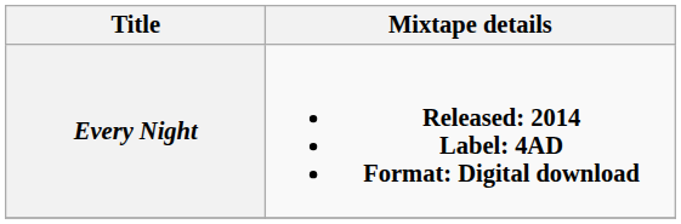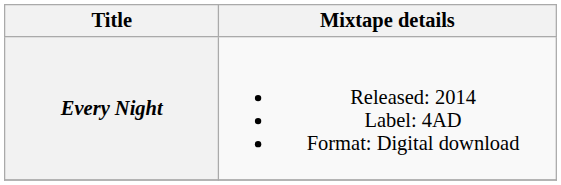 <table class="wikitable plainrowheaders" style="text-align:center;">
 <tr>
 <th scope="col" style="width:10em;">Title</th>
 <th scope="col" style="width:16em;">Mixtape details</th>
 </tr>
 <tr>
 <th scope="row"><em>Every Night</em></th>
-<td><strong><br><ul><li>Released: 2014</li><li>Label: 4AD</li><li>Format: Digital download</li></ul></strong></td>
+<td><br><ul><li>Released: 2014</li><li>Label: 4AD</li><li>Format: Digital download</li></ul></td>
 </tr>
 <tr>
 </tr>
 </table>
